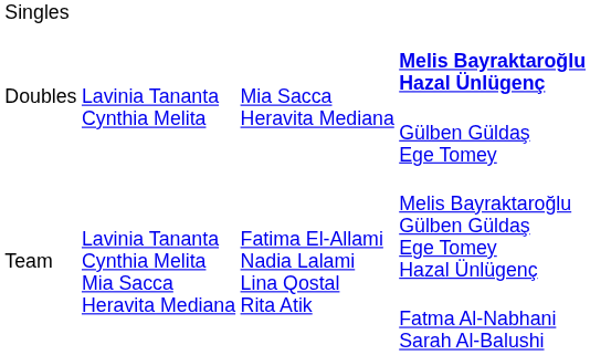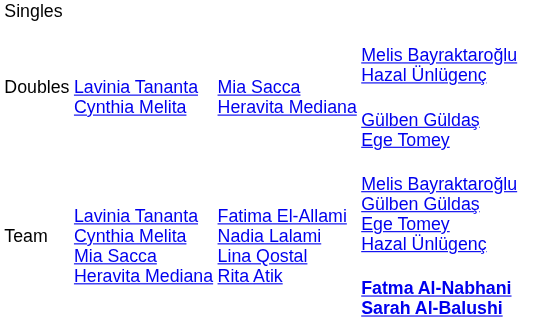 <table>
 <tr>
 <td rowspan=2>Singles</td>
 <td rowspan=2></td>
 <td rowspan=2></td>
 <td></td>
 </tr>
 <tr>
 <td></td>
 </tr>
 <tr>
 <td rowspan=2>Doubles</td>
 <td rowspan=2><br><a href='#'>Lavinia Tananta</a><br><a href='#'>Cynthia Melita</a></td>
 <td rowspan=2><br><a href='#'>Mia Sacca</a><br><a href='#'>Heravita Mediana</a></td>
-<td><strong><br><a href='#'>Melis Bayraktaroğlu</a><br><a href='#'>Hazal Ünlügenç</a></strong></td>
+<td><br><a href='#'>Melis Bayraktaroğlu</a><br><a href='#'>Hazal Ünlügenç</a></td>
 </tr>
 <tr>
 <td><br><a href='#'>Gülben Güldaş</a><br><a href='#'>Ege Tomey</a></td>
 </tr>
 <tr>
 <td rowspan=2>Team</td>
 <td rowspan=2><br><a href='#'>Lavinia Tananta</a><br><a href='#'>Cynthia Melita</a><br><a href='#'>Mia Sacca</a><br><a href='#'>Heravita Mediana</a></td>
 <td rowspan=2><br><a href='#'>Fatima El-Allami</a><br><a href='#'>Nadia Lalami</a><br><a href='#'>Lina Qostal</a><br><a href='#'>Rita Atik</a></td>
 <td><br><a href='#'>Melis Bayraktaroğlu</a><br><a href='#'>Gülben Güldaş</a><br><a href='#'>Ege Tomey</a><br><a href='#'>Hazal Ünlügenç</a></td>
 </tr>
 <tr>
-<td><br><a href='#'>Fatma Al-Nabhani</a><br><a href='#'>Sarah Al-Balushi</a></td>
+<td><strong><br><a href='#'>Fatma Al-Nabhani</a><br><a href='#'>Sarah Al-Balushi</a></strong></td>
 </tr>
 </table>
